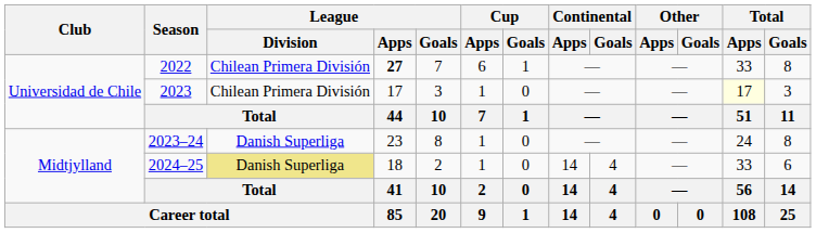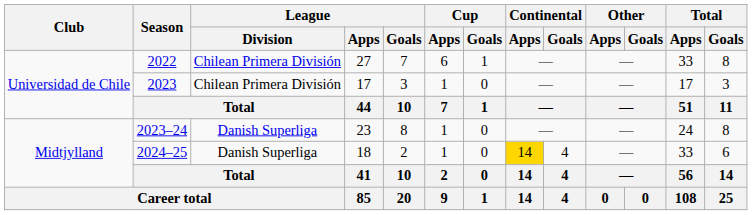 <table class="wikitable" style="text-align: center;">
 <tr>
 <th rowspan=2>Club</th>
 <th rowspan=2>Season</th>
 <th colspan=3>League</th>
 <th colspan=2>Cup</th>
 <th colspan=2>Continental</th>
 <th colspan=2>Other</th>
 <th colspan=2>Total</th>
 </tr>
 <tr>
 <th>Division</th>
 <th>Apps</th>
 <th>Goals</th>
 <th>Apps</th>
 <th>Goals</th>
 <th>Apps</th>
 <th>Goals</th>
 <th>Apps</th>
 <th>Goals</th>
 <th>Apps</th>
 <th>Goals</th>
 </tr>
 <tr>
 <td rowspan="3"><a href='#'>Universidad de Chile</a></td>
 <td><a href='#'>2022</a></td>
 <td><a href='#'>Chilean Primera División</a></td>
-<td><strong>27</strong></td>
+<td>27</td>
 <td>7</td>
 <td>6</td>
 <td>1</td>
 <td colspan="2">—</td>
 <td colspan="2">—</td>
 <td>33</td>
 <td>8</td>
 </tr>
 <tr>
 <td><a href='#'>2023</a></td>
 <td>Chilean Primera División</td>
 <td>17</td>
 <td>3</td>
 <td>1</td>
 <td>0</td>
 <td colspan="2">—</td>
 <td colspan="2">—</td>
-<td style="background: lightyellow;">17</td>
+<td>17</td>
 <td>3</td>
 </tr>
 <tr>
 <th colspan="2">Total</th>
 <th>44</th>
 <th>10</th>
 <th>7</th>
 <th>1</th>
 <th colspan="2">—</th>
 <th colspan="2">—</th>
 <th>51</th>
 <th>11</th>
 </tr>
 <tr>
 <td rowspan="3"><a href='#'>Midtjylland</a></td>
 <td><a href='#'>2023–24</a></td>
 <td><a href='#'>Danish Superliga</a></td>
 <td>23</td>
 <td>8</td>
 <td>1</td>
 <td>0</td>
 <td colspan="2">—</td>
 <td colspan="2">—</td>
 <td>24</td>
 <td>8</td>
 </tr>
 <tr>
 <td><a href='#'>2024–25</a></td>
-<td style="background: khaki;">Danish Superliga</td>
+<td>Danish Superliga</td>
 <td>18</td>
 <td>2</td>
 <td>1</td>
 <td>0</td>
-<td>14</td>
+<td style="background: gold;">14</td>
 <td>4</td>
 <td colspan="2">—</td>
 <td>33</td>
 <td>6</td>
 </tr>
 <tr>
 <th colspan="2">Total</th>
 <th>41</th>
 <th>10</th>
 <th>2</th>
 <th>0</th>
 <th>14</th>
 <th>4</th>
 <th colspan="2">—</th>
 <th>56</th>
 <th>14</th>
 </tr>
 <tr>
 <th colspan="3">Career total</th>
 <th>85</th>
 <th>20</th>
 <th>9</th>
 <th>1</th>
 <th>14</th>
 <th>4</th>
 <th>0</th>
 <th>0</th>
 <th>108</th>
 <th>25</th>
 </tr>
 </table>
